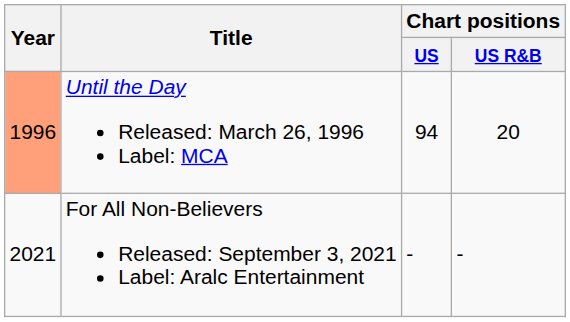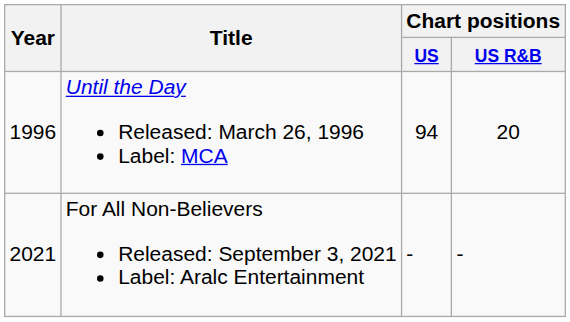 <table class="wikitable">
 <tr>
 <th rowspan="2">Year</th>
 <th rowspan="2">Title</th>
 <th colspan="2">Chart positions</th>
 </tr>
 <tr>
 <th><small><a href='#'>US</a></small></th>
 <th><small><a href='#'>US R&B</a></small></th>
 </tr>
 <tr>
-<td style="background: lightsalmon;">1996</td>
+<td>1996</td>
 <td><em><a href='#'>Until the Day</a></em><br><ul><li>Released: March 26, 1996</li><li>Label: <a href='#'>MCA</a></li></ul></td>
 <td align="center">94</td>
 <td align="center">20</td>
 </tr>
 <tr>
 <td>2021</td>
 <td>For All Non-Believers<br><ul><li>Released: September 3, 2021</li><li>Label: Aralc Entertainment</li></ul></td>
 <td>-</td>
 <td>-</td>
 </tr>
 </table>
